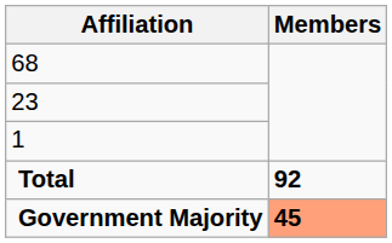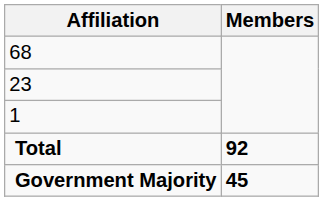 <table class="wikitable">
 <tr>
 <th colspan="2">Affiliation</th>
 <th>Members</th>
 </tr>
 <tr>
 <td>68</td>
 </tr>
 <tr>
 <td>23</td>
 </tr>
 <tr>
 <td>1</td>
 </tr>
 <tr>
 <td colspan="2" rowspan="1" align=left> <strong>Total</strong><br></td>
 <td><strong>92</strong></td>
 </tr>
 <tr>
 <td colspan="2" rowspan="1" align=left> <strong>Government Majority</strong><br></td>
-<td style="background: lightsalmon;"><strong>45</strong></td>
+<td><strong>45</strong></td>
 </tr>
 </table>
